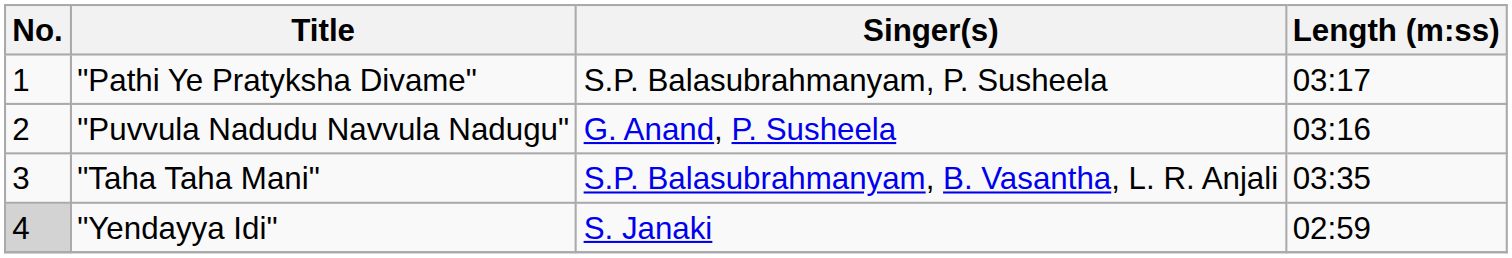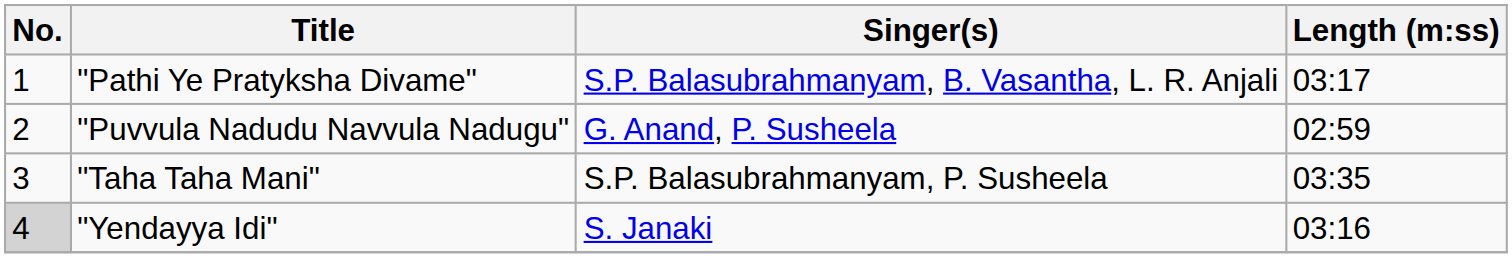 <table class="wikitable" style="font-size:95%;">
 <tr>
 <th>No.</th>
 <th>Title</th>
 <th>Singer(s)</th>
 <th>Length (m:ss)</th>
 </tr>
 <tr>
 <td>1</td>
 <td>"Pathi Ye Pratyksha Divame"</td>
-<td>S.P. Balasubrahmanyam, P. Susheela</td>
+<td><a href='#'>S.P. Balasubrahmanyam</a>, <a href='#'>B. Vasantha</a>, L. R. Anjali</td>
 <td>03:17</td>
 </tr>
 <tr>
 <td>2</td>
 <td>"Puvvula Nadudu Navvula Nadugu"</td>
 <td><a href='#'>G. Anand</a>, <a href='#'>P. Susheela</a></td>
-<td>03:16</td>
+<td>02:59</td>
 </tr>
 <tr>
 <td>3</td>
 <td>"Taha Taha Mani"</td>
-<td><a href='#'>S.P. Balasubrahmanyam</a>, <a href='#'>B. Vasantha</a>, L. R. Anjali</td>
+<td>S.P. Balasubrahmanyam, P. Susheela</td>
 <td>03:35</td>
 </tr>
 <tr>
 <td style="background: lightgrey;">4</td>
 <td>"Yendayya Idi"</td>
 <td><a href='#'>S. Janaki</a></td>
-<td>02:59</td>
+<td>03:16</td>
 </tr>
 <tr>
 </tr>
 </table>
